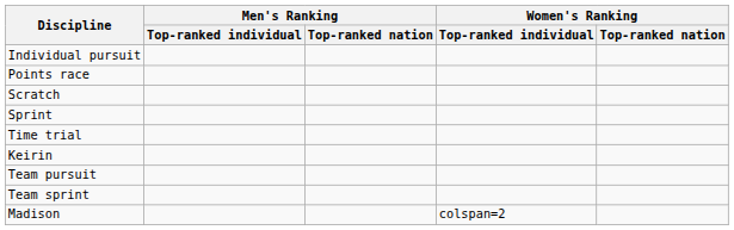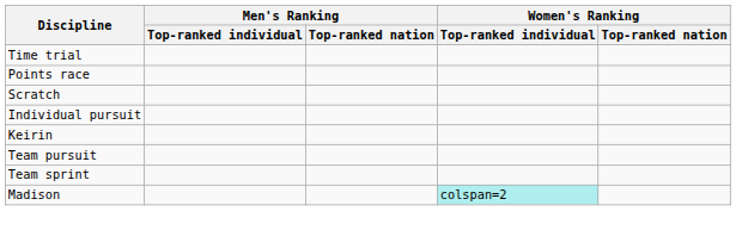 <table class="wikitable">
 <tr>
 <th rowspan=2>Discipline</th>
 <th colspan=2>Men's Ranking</th>
 <th colspan=2>Women's Ranking</th>
 </tr>
 <tr>
 <th>Top-ranked individual</th>
 <th>Top-ranked nation</th>
 <th>Top-ranked individual</th>
 <th>Top-ranked nation</th>
 </tr>
 <tr>
-<td>Individual pursuit</td>
+<td>Time trial</td>
 <td></td>
 <td></td>
 <td></td>
 <td></td>
 </tr>
 <tr>
 <td>Points race</td>
 <td></td>
 <td></td>
 <td></td>
 <td></td>
 </tr>
 <tr>
 <td>Scratch</td>
 <td></td>
 <td></td>
 <td></td>
 <td></td>
 </tr>
 <tr>
-<td>Sprint</td>
-<td></td>
-<td></td>
-<td></td>
-<td></td>
-</tr>
-<tr>
-<td>Time trial</td>
+<td>Individual pursuit</td>
 <td></td>
 <td></td>
 <td></td>
 <td></td>
 </tr>
 <tr>
 <td>Keirin</td>
 <td></td>
 <td></td>
 <td></td>
 <td></td>
 </tr>
 <tr>
 <td>Team pursuit</td>
 <td></td>
 <td></td>
 <td></td>
 <td></td>
 </tr>
 <tr>
 <td>Team sprint</td>
 <td></td>
 <td></td>
 <td></td>
 <td></td>
 </tr>
 <tr>
 <td>Madison</td>
 <td></td>
 <td></td>
-<td>colspan=2 </td>
+<td style="background: paleturquoise;">colspan=2 </td>
 </tr>
 </table>
